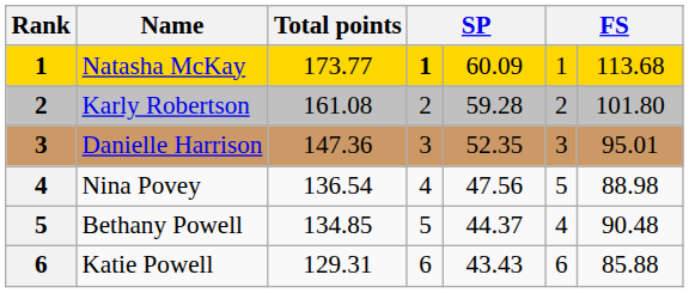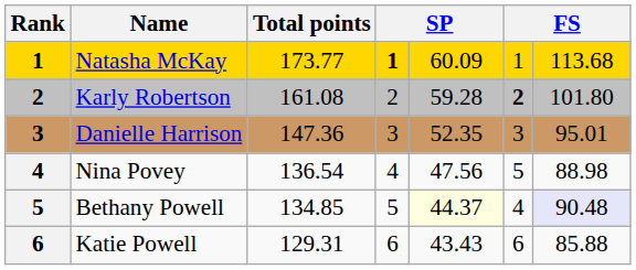 <table class="wikitable sortable">
 <tr>
 <th>Rank</th>
 <th>Name</th>
 <th>Total points</th>
 <th colspan="2" width="80px"><a href='#'>SP</a></th>
 <th colspan="2" width="80px"><a href='#'>FS</a></th>
 </tr>
 <tr bgcolor="gold">
 <td align="center"><strong>1</strong></td>
 <td><a href='#'>Natasha McKay</a></td>
 <td align="center">173.77</td>
 <td align="center"><strong>1</strong></td>
 <td align="center">60.09</td>
 <td align="center">1</td>
 <td align="center">113.68</td>
 </tr>
 <tr bgcolor="silver">
 <td align="center"><strong>2</strong></td>
 <td><a href='#'>Karly Robertson</a></td>
 <td align="center">161.08</td>
 <td align="center">2</td>
 <td align="center">59.28</td>
-<td align="center">2</td>
+<td align="center"><strong>2</strong></td>
 <td align="center">101.80</td>
 </tr>
 <tr bgcolor="cc9966">
 <td align="center"><strong>3</strong></td>
 <td><a href='#'>Danielle Harrison</a></td>
 <td align="center">147.36</td>
 <td align="center">3</td>
 <td align="center">52.35</td>
 <td align="center">3</td>
 <td align="center">95.01</td>
 </tr>
 <tr>
 <th>4</th>
 <td>Nina Povey</td>
 <td align="center">136.54</td>
 <td align="center">4</td>
 <td align="center">47.56</td>
 <td align="center">5</td>
 <td align="center">88.98</td>
 </tr>
 <tr>
 <th>5</th>
 <td>Bethany Powell</td>
 <td align="center">134.85</td>
 <td align="center">5</td>
-<td align="center">44.37</td>
+<td align="center" style="background: lightyellow;">44.37</td>
 <td align="center">4</td>
-<td align="center">90.48</td>
+<td align="center" style="background: lavender;">90.48</td>
 </tr>
 <tr>
 <th>6</th>
 <td>Katie Powell</td>
 <td align="center">129.31</td>
 <td align="center">6</td>
 <td align="center">43.43</td>
 <td align="center">6</td>
 <td align="center">85.88</td>
 </tr>
 </table>
